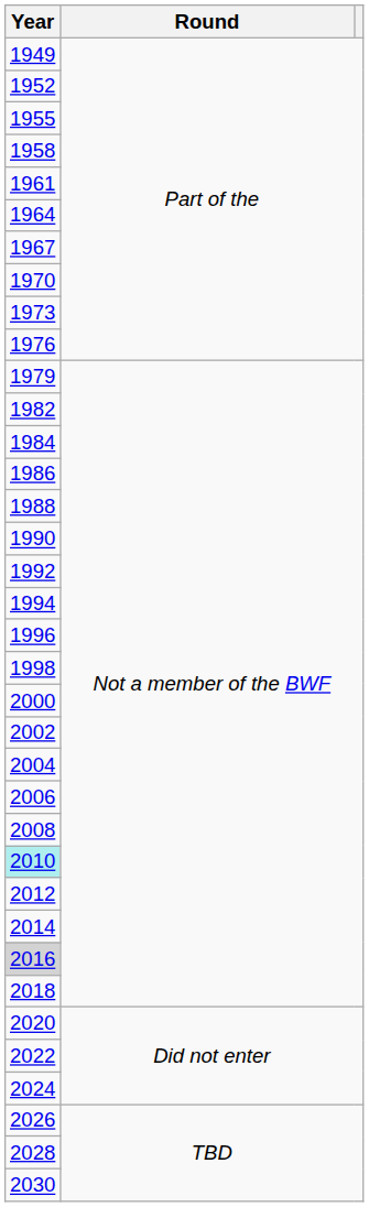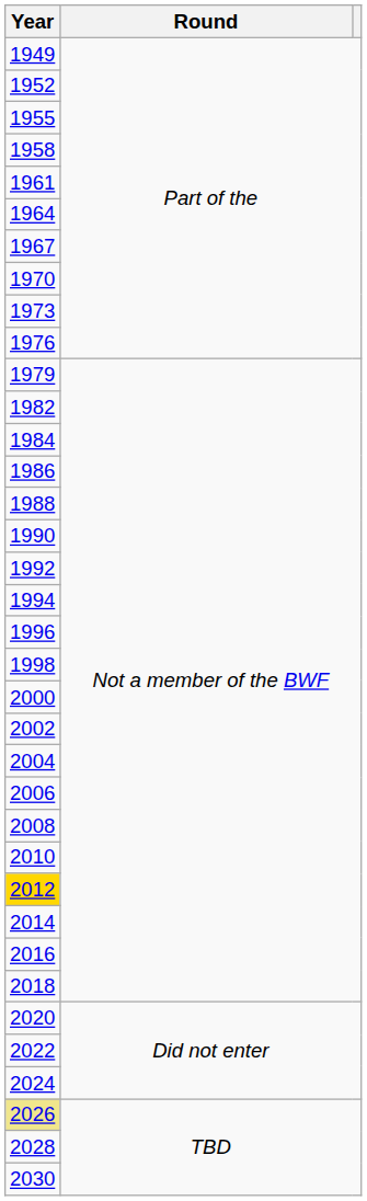 <table class="wikitable" style="text-align: center; font-size:90%">
 <tr>
 <th>Year</th>
 <th style="width:200px">Round</th>
 <th></th>
 </tr>
 <tr>
 <td><a href='#'>1949</a></td>
 <td colspan="2" rowspan="10"><em>Part of the </em></td>
 </tr>
 <tr>
 <td><a href='#'>1952</a></td>
 </tr>
 <tr>
 <td><a href='#'>1955</a></td>
 </tr>
 <tr>
 <td><a href='#'>1958</a></td>
 </tr>
 <tr>
 <td><a href='#'>1961</a></td>
 </tr>
 <tr>
 <td><a href='#'>1964</a></td>
 </tr>
 <tr>
 <td><a href='#'>1967</a></td>
 </tr>
 <tr>
 <td><a href='#'>1970</a></td>
 </tr>
 <tr>
 <td><a href='#'>1973</a></td>
 </tr>
 <tr>
 <td><a href='#'>1976</a></td>
 </tr>
 <tr>
 <td><a href='#'>1979</a></td>
 <td colspan="2" rowspan="20"><em>Not a member of the <a href='#'>BWF</a></em></td>
 </tr>
 <tr>
 <td><a href='#'>1982</a></td>
 </tr>
 <tr>
 <td><a href='#'>1984</a></td>
 </tr>
 <tr>
 <td><a href='#'>1986</a></td>
 </tr>
 <tr>
 <td><a href='#'>1988</a></td>
 </tr>
 <tr>
 <td><a href='#'>1990</a></td>
 </tr>
 <tr>
 <td><a href='#'>1992</a></td>
 </tr>
 <tr>
 <td><a href='#'>1994</a></td>
 </tr>
 <tr>
 <td><a href='#'>1996</a></td>
 </tr>
 <tr>
 <td><a href='#'>1998</a></td>
 </tr>
 <tr>
 <td><a href='#'>2000</a></td>
 </tr>
 <tr>
 <td><a href='#'>2002</a></td>
 </tr>
 <tr>
 <td><a href='#'>2004</a></td>
 </tr>
 <tr>
 <td><a href='#'>2006</a></td>
 </tr>
 <tr>
 <td><a href='#'>2008</a></td>
 </tr>
 <tr>
-<td style="background: paleturquoise;"><a href='#'>2010</a></td>
+<td><a href='#'>2010</a></td>
 </tr>
 <tr>
-<td><a href='#'>2012</a></td>
+<td style="background: gold;"><a href='#'>2012</a></td>
 </tr>
 <tr>
 <td><a href='#'>2014</a></td>
 </tr>
 <tr>
-<td style="background: lightgrey;"><a href='#'>2016</a></td>
+<td><a href='#'>2016</a></td>
 </tr>
 <tr>
 <td><a href='#'>2018</a></td>
 </tr>
 <tr>
 <td><a href='#'>2020</a></td>
 <td colspan="2" rowspan="3"><em>Did not enter</em></td>
 </tr>
 <tr>
 <td><a href='#'>2022</a></td>
 </tr>
 <tr>
 <td><a href='#'>2024</a></td>
 </tr>
 <tr>
-<td><a href='#'>2026</a></td>
+<td style="background: khaki;"><a href='#'>2026</a></td>
 <td colspan="2" rowspan="3"><em>TBD</em></td>
 </tr>
 <tr>
 <td><a href='#'>2028</a></td>
 </tr>
 <tr>
 <td><a href='#'>2030</a></td>
 </tr>
 </table>
